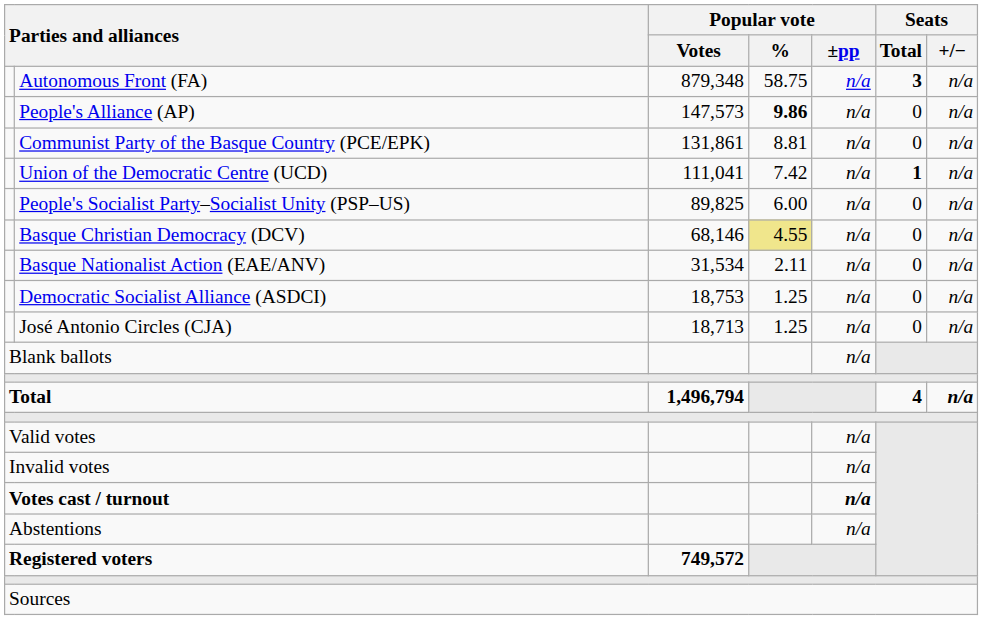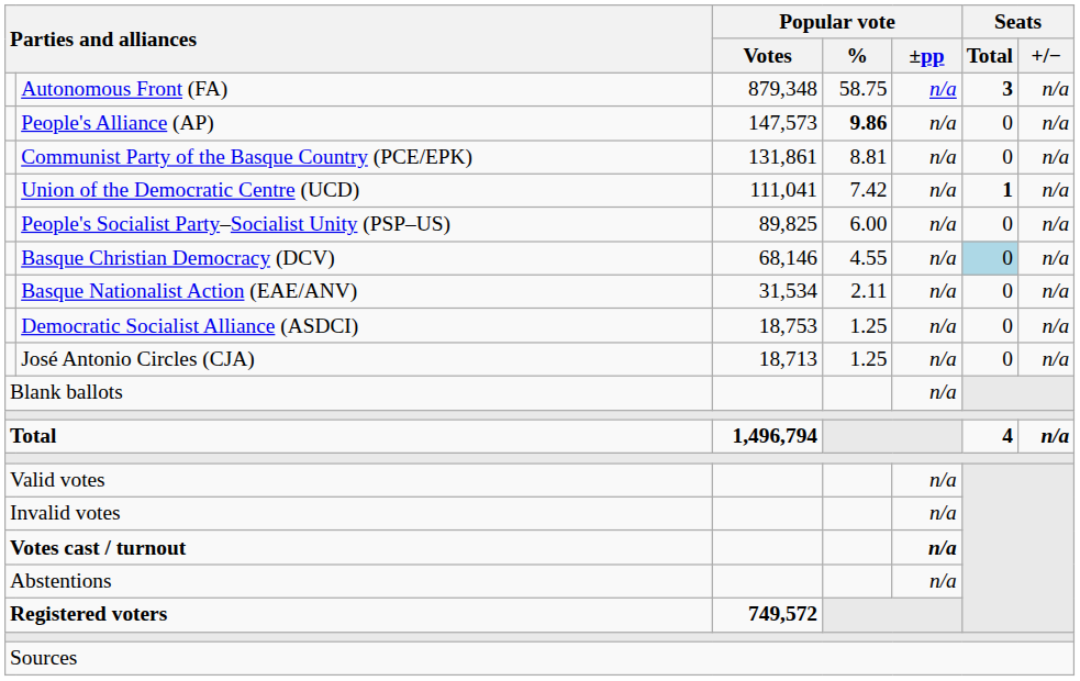 <table class="wikitable" style="text-align:right;">
 <tr>
 <th style="text-align:left;" rowspan="2" colspan="2" width="525">Parties and alliances</th>
 <th colspan="3">Popular vote</th>
 <th colspan="2">Seats</th>
 </tr>
 <tr>
 <th width="75">Votes</th>
 <th width="45">%</th>
 <th width="45">±<a href='#'>pp</a></th>
 <th width="35">Total</th>
 <th width="35">+/−</th>
 </tr>
 <tr>
 <td width="1" style="color:inherit;background:"></td>
 <td align="left"><a href='#'>Autonomous Front</a> (FA)</td>
 <td>879,348</td>
 <td>58.75</td>
 <td><em><a href='#'>n/a</a></em></td>
 <td><strong>3</strong></td>
 <td><em>n/a</em></td>
 </tr>
 <tr>
 <td style="color:inherit;background:"></td>
 <td align="left"><a href='#'>People's Alliance</a> (AP)</td>
 <td>147,573</td>
 <td><strong>9.86</strong></td>
 <td><em>n/a</em></td>
 <td>0</td>
 <td><em>n/a</em></td>
 </tr>
 <tr>
 <td style="color:inherit;background:"></td>
 <td align="left"><a href='#'>Communist Party of the Basque Country</a> (PCE/EPK)</td>
 <td>131,861</td>
 <td>8.81</td>
 <td><em>n/a</em></td>
 <td>0</td>
 <td><em>n/a</em></td>
 </tr>
 <tr>
 <td style="color:inherit;background:"></td>
 <td align="left"><a href='#'>Union of the Democratic Centre</a> (UCD)</td>
 <td>111,041</td>
 <td>7.42</td>
 <td><em>n/a</em></td>
 <td><strong>1</strong></td>
 <td><em>n/a</em></td>
 </tr>
 <tr>
 <td style="color:inherit;background:"></td>
 <td align="left"><a href='#'>People's Socialist Party</a>–<a href='#'>Socialist Unity</a> (PSP–US)</td>
 <td>89,825</td>
 <td>6.00</td>
 <td><em>n/a</em></td>
 <td>0</td>
 <td><em>n/a</em></td>
 </tr>
 <tr>
 <td style="color:inherit;background:"></td>
 <td align="left"><a href='#'>Basque Christian Democracy</a> (DCV)</td>
 <td>68,146</td>
-<td style="background: khaki;">4.55</td>
+<td>4.55</td>
 <td><em>n/a</em></td>
-<td>0</td>
+<td style="background: lightblue;">0</td>
 <td><em>n/a</em></td>
 </tr>
 <tr>
 <td style="color:inherit;background:"></td>
 <td align="left"><a href='#'>Basque Nationalist Action</a> (EAE/ANV)</td>
 <td>31,534</td>
 <td>2.11</td>
 <td><em>n/a</em></td>
 <td>0</td>
 <td><em>n/a</em></td>
 </tr>
 <tr>
 <td style="color:inherit;background:"></td>
 <td align="left"><a href='#'>Democratic Socialist Alliance</a> (ASDCI)</td>
 <td>18,753</td>
 <td>1.25</td>
 <td><em>n/a</em></td>
 <td>0</td>
 <td><em>n/a</em></td>
 </tr>
 <tr>
 <td style="color:inherit;background:"></td>
 <td align="left">José Antonio Circles (CJA)</td>
 <td>18,713</td>
 <td>1.25</td>
 <td><em>n/a</em></td>
 <td>0</td>
 <td><em>n/a</em></td>
 </tr>
 <tr>
 <td align="left" colspan="2">Blank ballots</td>
 <td></td>
 <td></td>
 <td><em>n/a</em></td>
 <td bgcolor="#E9E9E9" colspan="2"></td>
 </tr>
 <tr>
 <td colspan="7" bgcolor="#E9E9E9"></td>
 </tr>
 <tr style="font-weight:bold;">
 <td align="left" colspan="2">Total</td>
 <td>1,496,794</td>
 <td bgcolor="#E9E9E9" colspan="2"></td>
 <td>4</td>
 <td><em>n/a</em></td>
 </tr>
 <tr>
 <td colspan="7" bgcolor="#E9E9E9"></td>
 </tr>
 <tr>
 <td align="left" colspan="2">Valid votes</td>
 <td></td>
 <td></td>
 <td><em>n/a</em></td>
 <td bgcolor="#E9E9E9" colspan="2" rowspan="5"></td>
 </tr>
 <tr>
 <td align="left" colspan="2">Invalid votes</td>
 <td></td>
 <td></td>
 <td><em>n/a</em></td>
 </tr>
 <tr style="font-weight:bold;">
 <td align="left" colspan="2">Votes cast / turnout</td>
 <td></td>
 <td></td>
 <td><em>n/a</em></td>
 </tr>
 <tr>
 <td align="left" colspan="2">Abstentions</td>
 <td></td>
 <td></td>
 <td><em>n/a</em></td>
 </tr>
 <tr style="font-weight:bold;">
 <td align="left" colspan="2">Registered voters</td>
 <td>749,572</td>
 <td bgcolor="#E9E9E9" colspan="2"></td>
 </tr>
 <tr>
 <td colspan="7" bgcolor="#E9E9E9"></td>
 </tr>
 <tr>
 <td align="left" colspan="7">Sources</td>
 </tr>
 </table>
